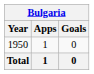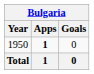 <table class="wikitable" style="text-align:center">
 <tr>
 <th colspan=3><a href='#'>Bulgaria</a></th>
 </tr>
 <tr>
 <th>Year</th>
 <th>Apps</th>
 <th>Goals</th>
 </tr>
 <tr>
 <td>1950</td>
-<td>1</td>
+<td><strong>1</strong></td>
 <td>0</td>
 </tr>
 <tr>
 <th>Total</th>
 <th>1</th>
 <th>0</th>
 </tr>
 </table>
